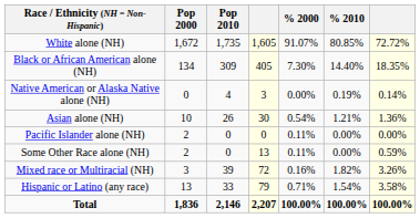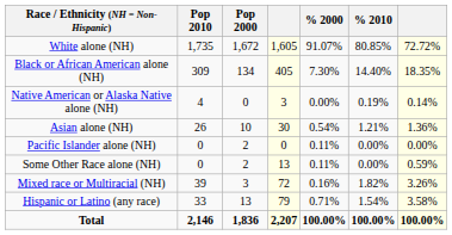 <table class="wikitable" style="text-align:center;">
 <tr>
 <th>Race / Ethnicity <small>(<em>NH = Non-Hispanic</em>)</small></th>
+<th>Pop 2010</th>
 <th>Pop 2000</th>
-<th>Pop 2010</th>
 <th></th>
 <th>% 2000</th>
 <th>% 2010</th>
 <th></th>
 </tr>
 <tr>
 <td><a href='#'>White</a> alone (NH)</td>
+<td>1,735</td>
 <td>1,672</td>
-<td>1,735</td>
 <td style='background: #ffffe6;'>1,605</td>
 <td>91.07%</td>
 <td>80.85%</td>
 <td style='background: #ffffe6;'>72.72%</td>
 </tr>
 <tr>
 <td><a href='#'>Black or African American</a> alone (NH)</td>
+<td>309</td>
 <td>134</td>
-<td>309</td>
 <td style='background: #ffffe6;'>405</td>
 <td>7.30%</td>
 <td>14.40%</td>
 <td style='background: #ffffe6;'>18.35%</td>
 </tr>
 <tr>
 <td><a href='#'>Native American</a> or <a href='#'>Alaska Native</a> alone (NH)</td>
+<td>4</td>
 <td>0</td>
-<td>4</td>
 <td style='background: #ffffe6;'>3</td>
 <td>0.00%</td>
 <td>0.19%</td>
 <td style='background: #ffffe6;'>0.14%</td>
 </tr>
 <tr>
 <td><a href='#'>Asian</a> alone (NH)</td>
+<td>26</td>
 <td>10</td>
-<td>26</td>
 <td style='background: #ffffe6;'>30</td>
 <td>0.54%</td>
 <td>1.21%</td>
 <td style='background: #ffffe6;'>1.36%</td>
 </tr>
 <tr>
 <td><a href='#'>Pacific Islander</a> alone (NH)</td>
+<td>0</td>
 <td>2</td>
-<td>0</td>
 <td style='background: #ffffe6;'>0</td>
 <td>0.11%</td>
 <td>0.00%</td>
 <td style='background: #ffffe6;'>0.00%</td>
 </tr>
 <tr>
 <td>Some Other Race alone (NH)</td>
+<td>0</td>
 <td>2</td>
-<td>0</td>
 <td style='background: #ffffe6;'>13</td>
 <td>0.11%</td>
 <td>0.00%</td>
 <td style='background: #ffffe6;'>0.59%</td>
 </tr>
 <tr>
 <td><a href='#'>Mixed race or Multiracial</a> (NH)</td>
+<td>39</td>
 <td>3</td>
-<td>39</td>
 <td style='background: #ffffe6;'>72</td>
 <td>0.16%</td>
 <td>1.82%</td>
 <td style='background: #ffffe6;'>3.26%</td>
 </tr>
 <tr>
 <td><a href='#'>Hispanic or Latino</a> (any race)</td>
+<td>33</td>
 <td>13</td>
-<td>33</td>
 <td style='background: #ffffe6;'>79</td>
 <td>0.71%</td>
 <td>1.54%</td>
 <td style='background: #ffffe6;'>3.58%</td>
 </tr>
 <tr>
 <td><strong>Total</strong></td>
+<td><strong>2,146</strong></td>
 <td><strong>1,836</strong></td>
-<td><strong>2,146</strong></td>
 <td style='background: #ffffe6;'><strong>2,207</strong></td>
 <td><strong>100.00%</strong></td>
 <td><strong>100.00%</strong></td>
 <td style='background: #ffffe6;'><strong>100.00%</strong></td>
 </tr>
 </table>
